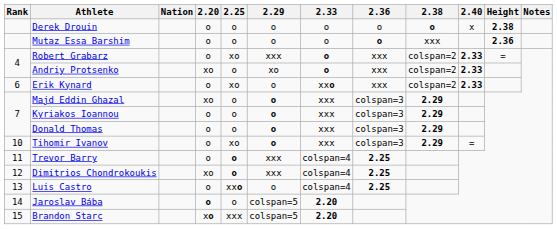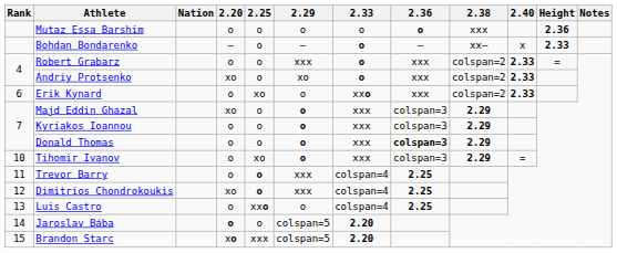 <table class="wikitable sortable" style="text-align:center">
 <tr>
 <th>Rank</th>
 <th>Athlete</th>
 <th>Nation</th>
 <th>2.20</th>
 <th>2.25</th>
 <th>2.29</th>
 <th>2.33</th>
 <th>2.36</th>
 <th>2.38</th>
 <th>2.40</th>
 <th>Height</th>
 <th>Notes</th>
 </tr>
 <tr>
 <td></td>
-<td align=left><a href='#'>Derek Drouin</a></td>
-<td align="left"></td>
-<td>o</td>
-<td>o</td>
-<td>o</td>
-<td>o</td>
-<td>o</td>
-<td><strong>o</strong></td>
-<td>x</td>
-<td><strong>2.38</strong></td>
-<td></td>
-</tr>
-<tr>
-<td></td>
 <td align=left><a href='#'>Mutaz Essa Barshim</a></td>
 <td align=left></td>
 <td>o</td>
 <td>o</td>
 <td>o</td>
 <td>o</td>
 <td><strong>o</strong></td>
 <td>xxx</td>
 <td></td>
 <td><strong>2.36</strong></td>
 <td></td>
 </tr>
 <tr>
+<td></td>
+<td align=left><a href='#'>Bohdan Bondarenko</a></td>
+<td align=left></td>
+<td>–</td>
+<td>o</td>
+<td>–</td>
+<td><strong>o</strong></td>
+<td>–</td>
+<td>xx–</td>
+<td>x</td>
+<td><strong>2.33</strong></td>
+<td></td>
+</tr>
+<tr>
 <td rowspan=2>4</td>
 <td align=left><a href='#'>Robert Grabarz</a></td>
 <td align=left></td>
 <td>o</td>
-<td>xo</td>
+<td>o</td>
 <td>xxx</td>
 <td><strong>o</strong></td>
 <td>xxx</td>
 <td>colspan=2 </td>
 <td><strong>2.33</strong></td>
 <td>=</td>
 </tr>
 <tr>
 <td align=left><a href='#'>Andriy Protsenko</a></td>
 <td align=left></td>
 <td>xo</td>
 <td>o</td>
 <td>xo</td>
 <td><strong>o</strong></td>
 <td>xxx</td>
 <td>colspan=2 </td>
 <td><strong>2.33</strong></td>
 <td></td>
 </tr>
 <tr>
 <td>6</td>
 <td align=left><a href='#'>Erik Kynard</a></td>
 <td align=left></td>
 <td>o</td>
 <td>xo</td>
 <td>o</td>
 <td>xx<strong>o</strong></td>
 <td>xxx</td>
 <td>colspan=2 </td>
 <td><strong>2.33</strong></td>
 <td></td>
 </tr>
 <tr>
 <td rowspan=3>7</td>
 <td align=left><a href='#'>Majd Eddin Ghazal</a></td>
 <td align=left></td>
 <td>xo</td>
 <td>o</td>
 <td><strong>o</strong></td>
 <td>xxx</td>
 <td>colspan=3 </td>
 <td><strong>2.29</strong></td>
 <td></td>
 </tr>
 <tr>
 <td align=left><a href='#'>Kyriakos Ioannou</a></td>
 <td align=left></td>
 <td>o</td>
 <td>o</td>
 <td><strong>o</strong></td>
 <td>xxx</td>
 <td>colspan=3 </td>
 <td><strong>2.29</strong></td>
 <td></td>
 </tr>
 <tr>
 <td align=left><a href='#'>Donald Thomas</a></td>
 <td align=left></td>
 <td>o</td>
 <td>o</td>
 <td><strong>o</strong></td>
 <td>xxx</td>
-<td>colspan=3 </td>
+<td><strong>colspan=3 </strong></td>
 <td><strong>2.29</strong></td>
 <td></td>
 </tr>
 <tr>
 <td>10</td>
 <td align=left><a href='#'>Tihomir Ivanov</a></td>
 <td align=left></td>
 <td>o</td>
 <td>xo</td>
 <td><strong>o</strong></td>
 <td>xxx</td>
 <td>colspan=3 </td>
 <td><strong>2.29</strong></td>
 <td>=</td>
 </tr>
 <tr>
 <td>11</td>
 <td align=left><a href='#'>Trevor Barry</a></td>
 <td align=left></td>
 <td>o</td>
 <td><strong>o</strong></td>
 <td>xxx</td>
 <td>colspan=4 </td>
 <td><strong>2.25</strong></td>
 <td></td>
 </tr>
 <tr>
 <td>12</td>
 <td align=left><a href='#'>Dimitrios Chondrokoukis</a></td>
 <td align=left></td>
 <td>xo</td>
 <td><strong>o</strong></td>
 <td>xxx</td>
 <td>colspan=4 </td>
 <td><strong>2.25</strong></td>
 <td></td>
 </tr>
 <tr>
 <td>13</td>
 <td align=left><a href='#'>Luis Castro</a></td>
 <td align=left></td>
 <td>o</td>
 <td>xx<strong>o</strong></td>
 <td>o</td>
 <td>colspan=4 </td>
 <td><strong>2.25</strong></td>
 <td></td>
 </tr>
 <tr>
 <td>14</td>
 <td align=left><a href='#'>Jaroslav Bába</a></td>
 <td align=left></td>
 <td><strong>o</strong></td>
 <td>o</td>
 <td>colspan=5 </td>
 <td><strong>2.20</strong></td>
 <td></td>
 </tr>
 <tr>
 <td>15</td>
 <td align=left><a href='#'>Brandon Starc</a></td>
 <td align=left></td>
 <td>x<strong>o</strong></td>
 <td>xxx</td>
 <td>colspan=5 </td>
 <td><strong>2.20</strong></td>
 <td></td>
 </tr>
 </table>
